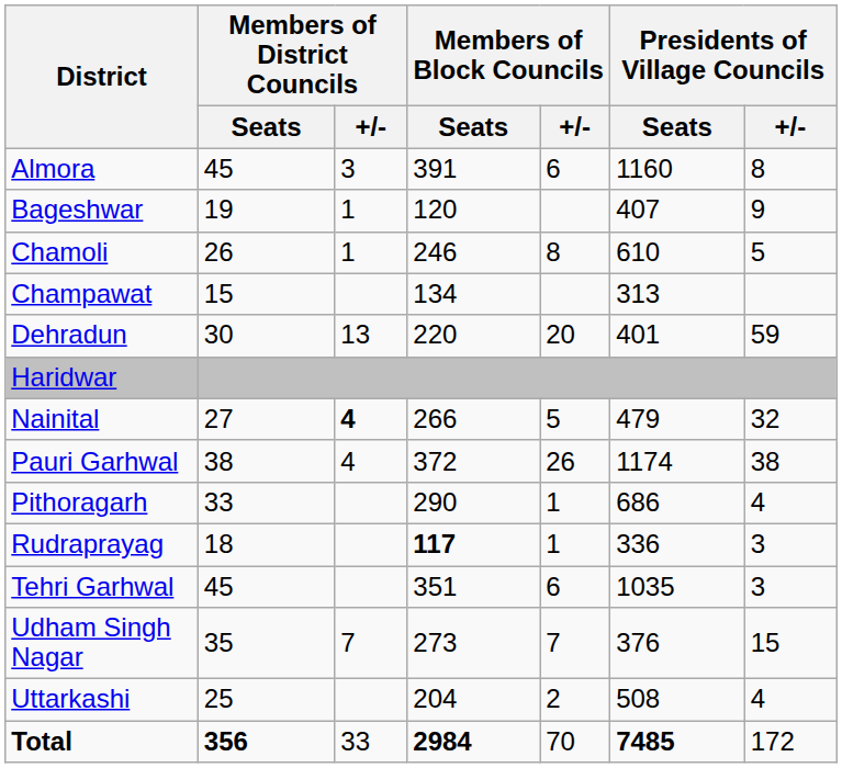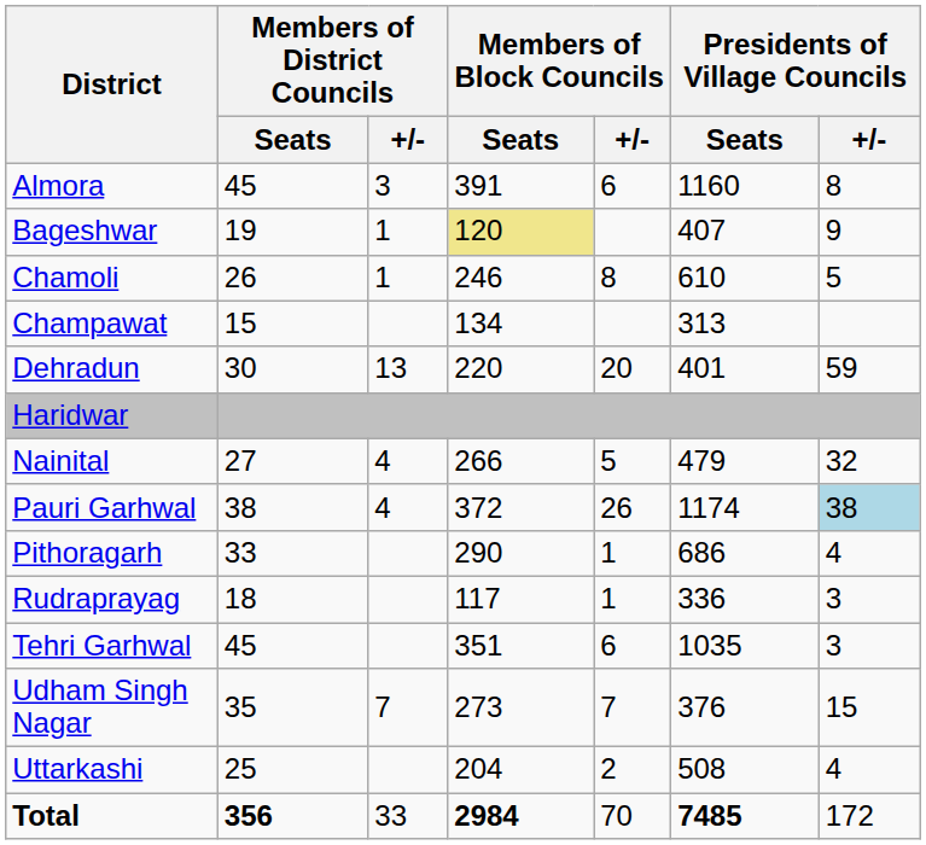 <table width="40%" cellpadding="2" cellspacing="0" border="1" style="border-collapse: collapse; border: 2px black; font-size: x-big; font-family: arial" class="wikitable sortable">
 <tr>
 <th rowspan=2>District</th>
 <th colspan=2>Members of District Councils</th>
 <th colspan=2>Members of Block Councils</th>
 <th colspan=2>Presidents of Village Councils</th>
 </tr>
 <tr>
 <th>Seats</th>
 <th>+/-</th>
 <th>Seats</th>
 <th>+/-</th>
 <th>Seats</th>
 <th>+/-</th>
 </tr>
 <tr>
 <td><a href='#'>Almora</a></td>
 <td>45</td>
 <td> 3</td>
 <td>391</td>
 <td> 6</td>
 <td>1160</td>
 <td> 8</td>
 </tr>
 <tr>
 <td><a href='#'>Bageshwar</a></td>
 <td>19</td>
 <td> 1</td>
-<td>120</td>
+<td style="background: khaki;">120</td>
 <td></td>
 <td>407</td>
 <td> 9</td>
 </tr>
 <tr>
 <td><a href='#'>Chamoli</a></td>
 <td>26</td>
 <td> 1</td>
 <td>246</td>
 <td> 8</td>
 <td>610</td>
 <td> 5</td>
 </tr>
 <tr>
 <td><a href='#'>Champawat</a></td>
 <td>15</td>
 <td></td>
 <td>134</td>
 <td></td>
 <td>313</td>
 <td></td>
 </tr>
 <tr>
 <td><a href='#'>Dehradun</a></td>
 <td>30</td>
 <td> 13</td>
 <td>220</td>
 <td> 20</td>
 <td>401</td>
 <td> 59</td>
 </tr>
 <tr>
 <td style="background-color:Silver"><a href='#'>Haridwar</a></td>
 <td style="background-color:Silver"; colspan=6></td>
 </tr>
 <tr>
 <td><a href='#'>Nainital</a></td>
 <td>27</td>
-<td><strong> 4</strong></td>
+<td> 4</td>
 <td>266</td>
 <td> 5</td>
 <td>479</td>
 <td> 32</td>
 </tr>
 <tr>
 <td><a href='#'>Pauri Garhwal</a></td>
 <td>38</td>
 <td> 4</td>
 <td>372</td>
 <td> 26</td>
 <td>1174</td>
-<td> 38</td>
+<td style="background: lightblue;"> 38</td>
 </tr>
 <tr>
 <td><a href='#'>Pithoragarh</a></td>
 <td>33</td>
 <td></td>
 <td>290</td>
 <td> 1</td>
 <td>686</td>
 <td> 4</td>
 </tr>
 <tr>
 <td><a href='#'>Rudraprayag</a></td>
 <td>18</td>
 <td></td>
-<td><strong>117</strong></td>
+<td>117</td>
 <td> 1</td>
 <td>336</td>
 <td> 3</td>
 </tr>
 <tr>
 <td><a href='#'>Tehri Garhwal</a></td>
 <td>45</td>
 <td></td>
 <td>351</td>
 <td> 6</td>
 <td>1035</td>
 <td> 3</td>
 </tr>
 <tr>
 <td><a href='#'>Udham Singh Nagar</a></td>
 <td>35</td>
 <td> 7</td>
 <td>273</td>
 <td> 7</td>
 <td>376</td>
 <td> 15</td>
 </tr>
 <tr>
 <td><a href='#'>Uttarkashi</a></td>
 <td>25</td>
 <td></td>
 <td>204</td>
 <td> 2</td>
 <td>508</td>
 <td> 4</td>
 </tr>
 <tr>
 <td><strong>Total</strong></td>
 <td><strong>356</strong></td>
 <td> 33</td>
 <td><strong>2984</strong></td>
 <td> 70</td>
 <td><strong>7485</strong></td>
 <td> 172</td>
 </tr>
 </table>
